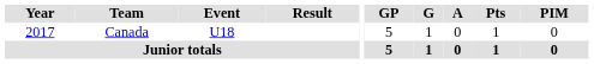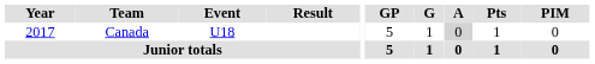 <table border="0" cellpadding="1" cellspacing="0" ID="Table3" style="text-align:center; width:40em">
 <tr ALIGN="center" bgcolor="#e0e0e0">
 <th>Year</th>
 <th>Team</th>
 <th>Event</th>
 <th>Result</th>
 <th rowspan="99" bgcolor="#ffffff"></th>
 <th>GP</th>
 <th>G</th>
 <th>A</th>
 <th>Pts</th>
 <th>PIM</th>
 </tr>
 <tr>
 <td><a href='#'>2017</a></td>
 <td><a href='#'>Canada</a></td>
 <td><a href='#'>U18</a></td>
 <td></td>
 <td>5</td>
 <td>1</td>
-<td>0</td>
+<td style="background: lightgrey;">0</td>
 <td>1</td>
 <td>0</td>
 </tr>
 <tr bgcolor="#e0e0e0">
 <th colspan="4">Junior totals</th>
 <th>5</th>
 <th>1</th>
 <th>0</th>
 <th>1</th>
 <th>0</th>
 </tr>
 </table>
